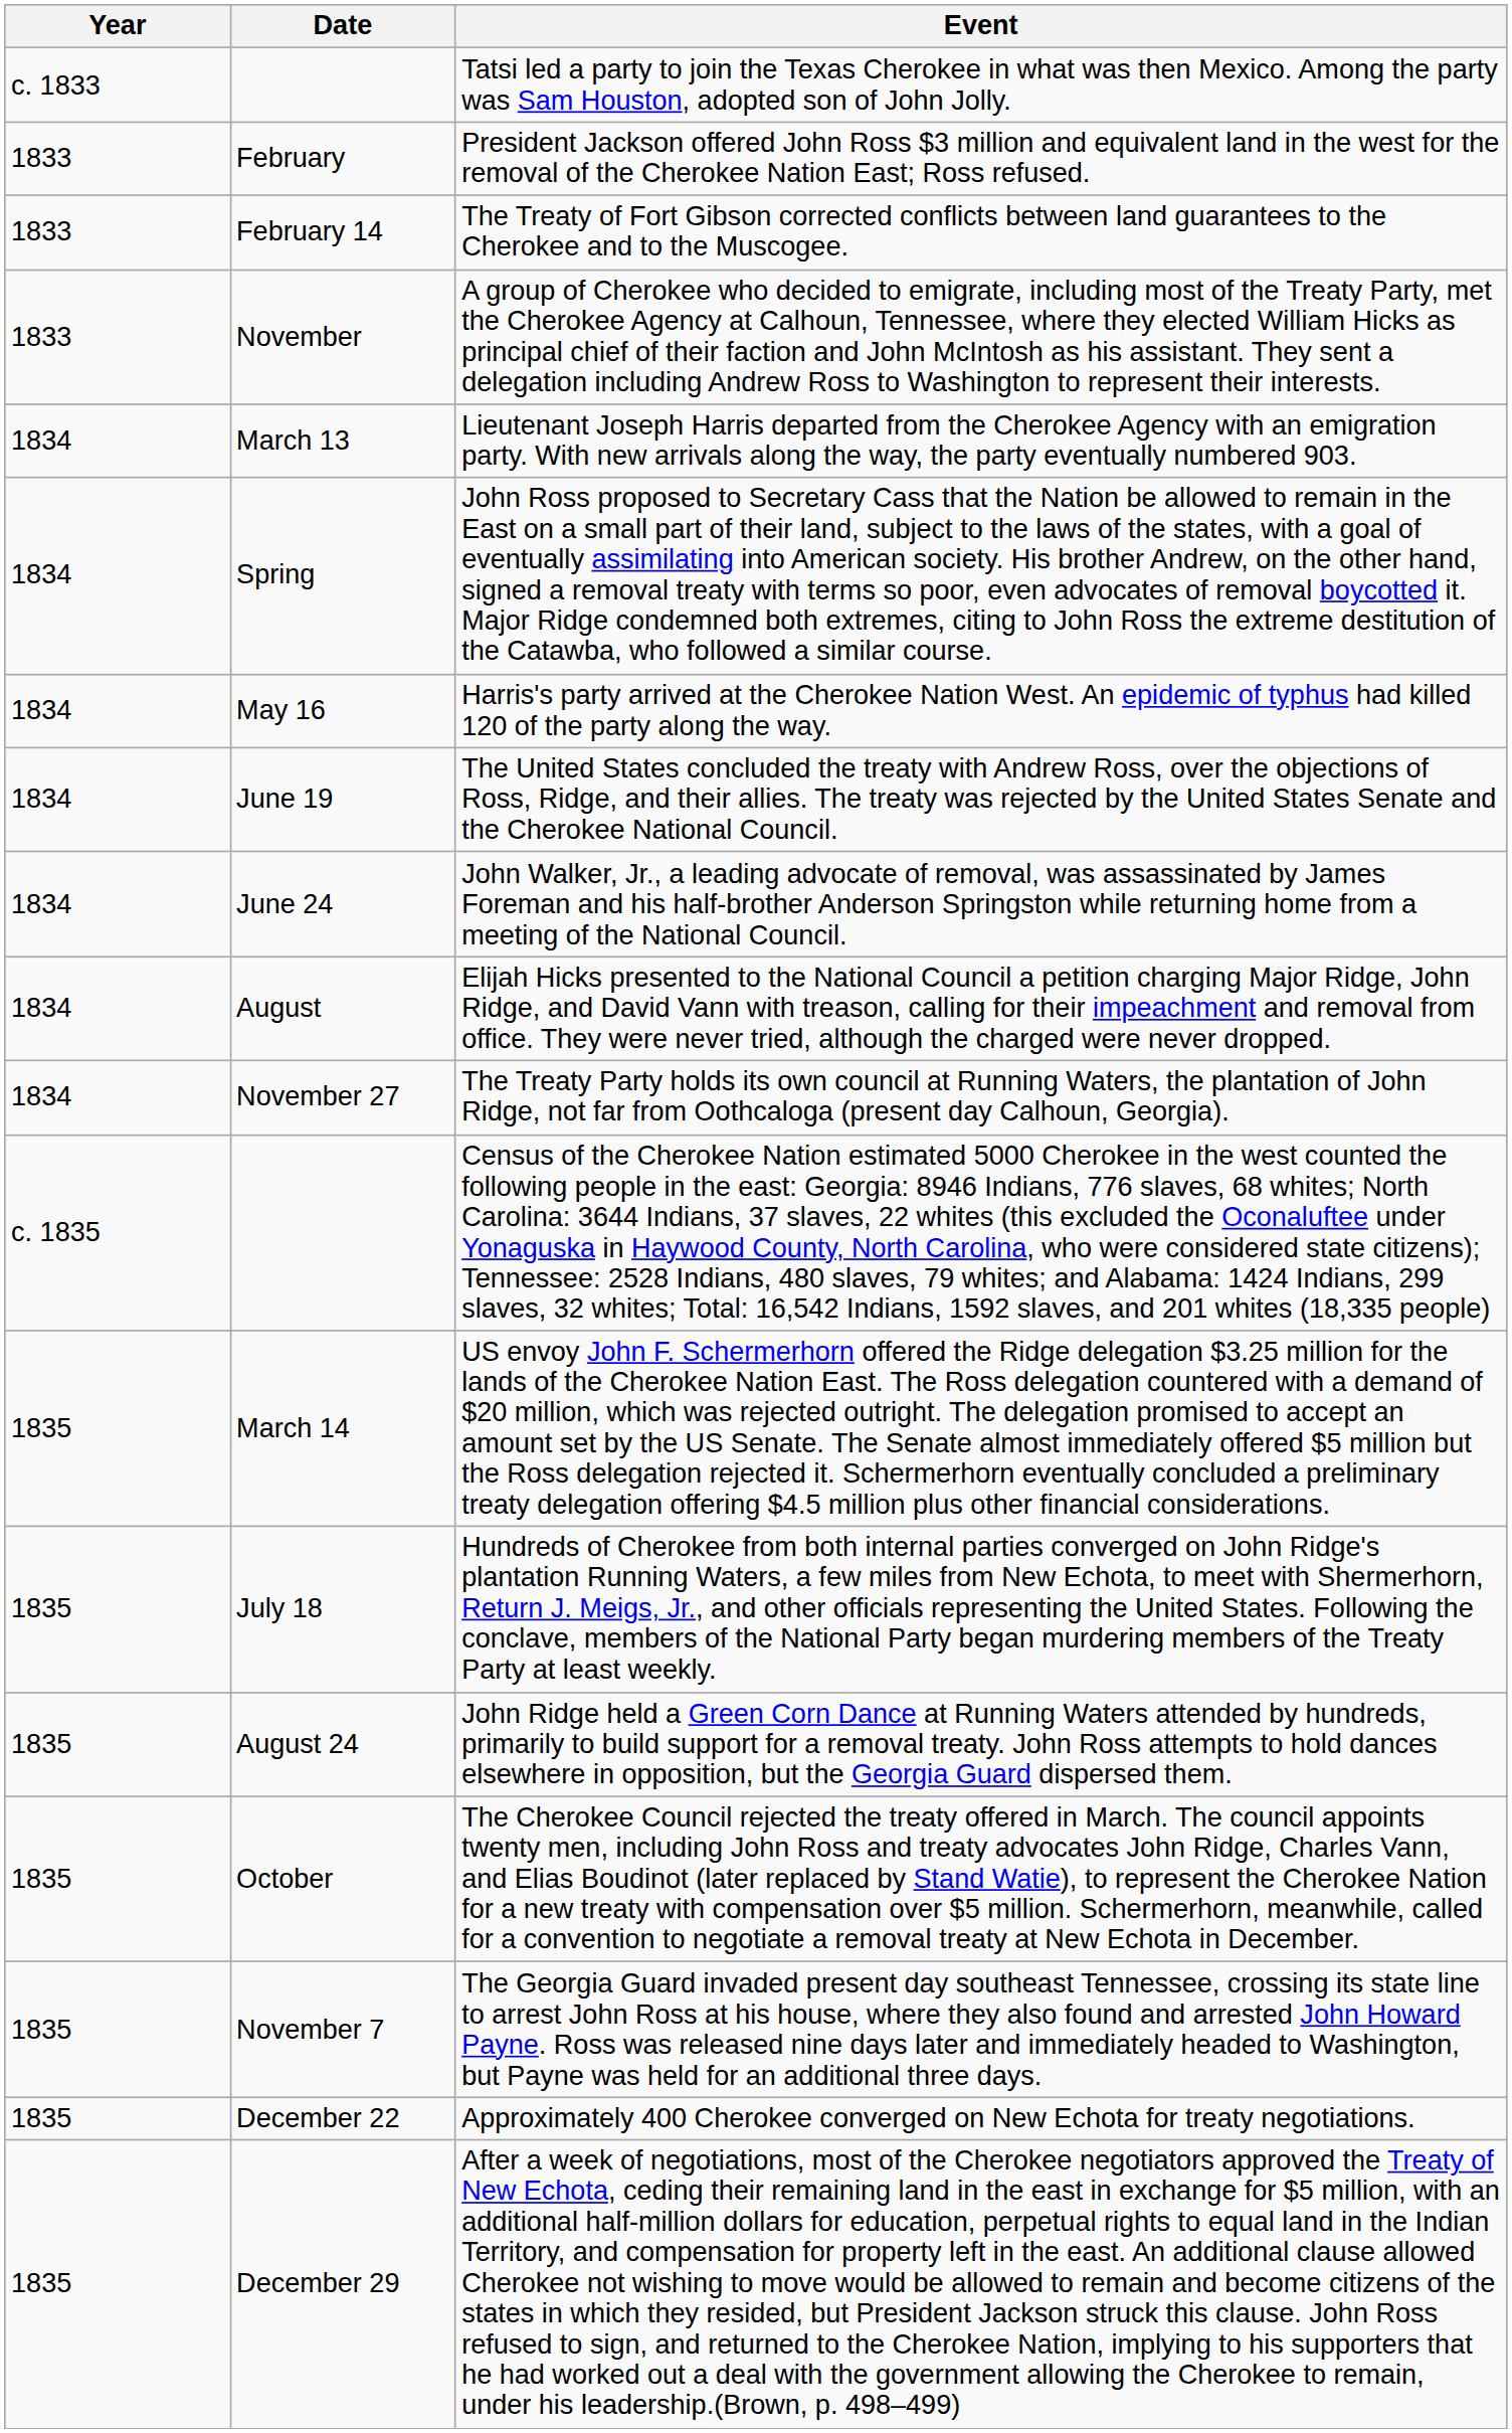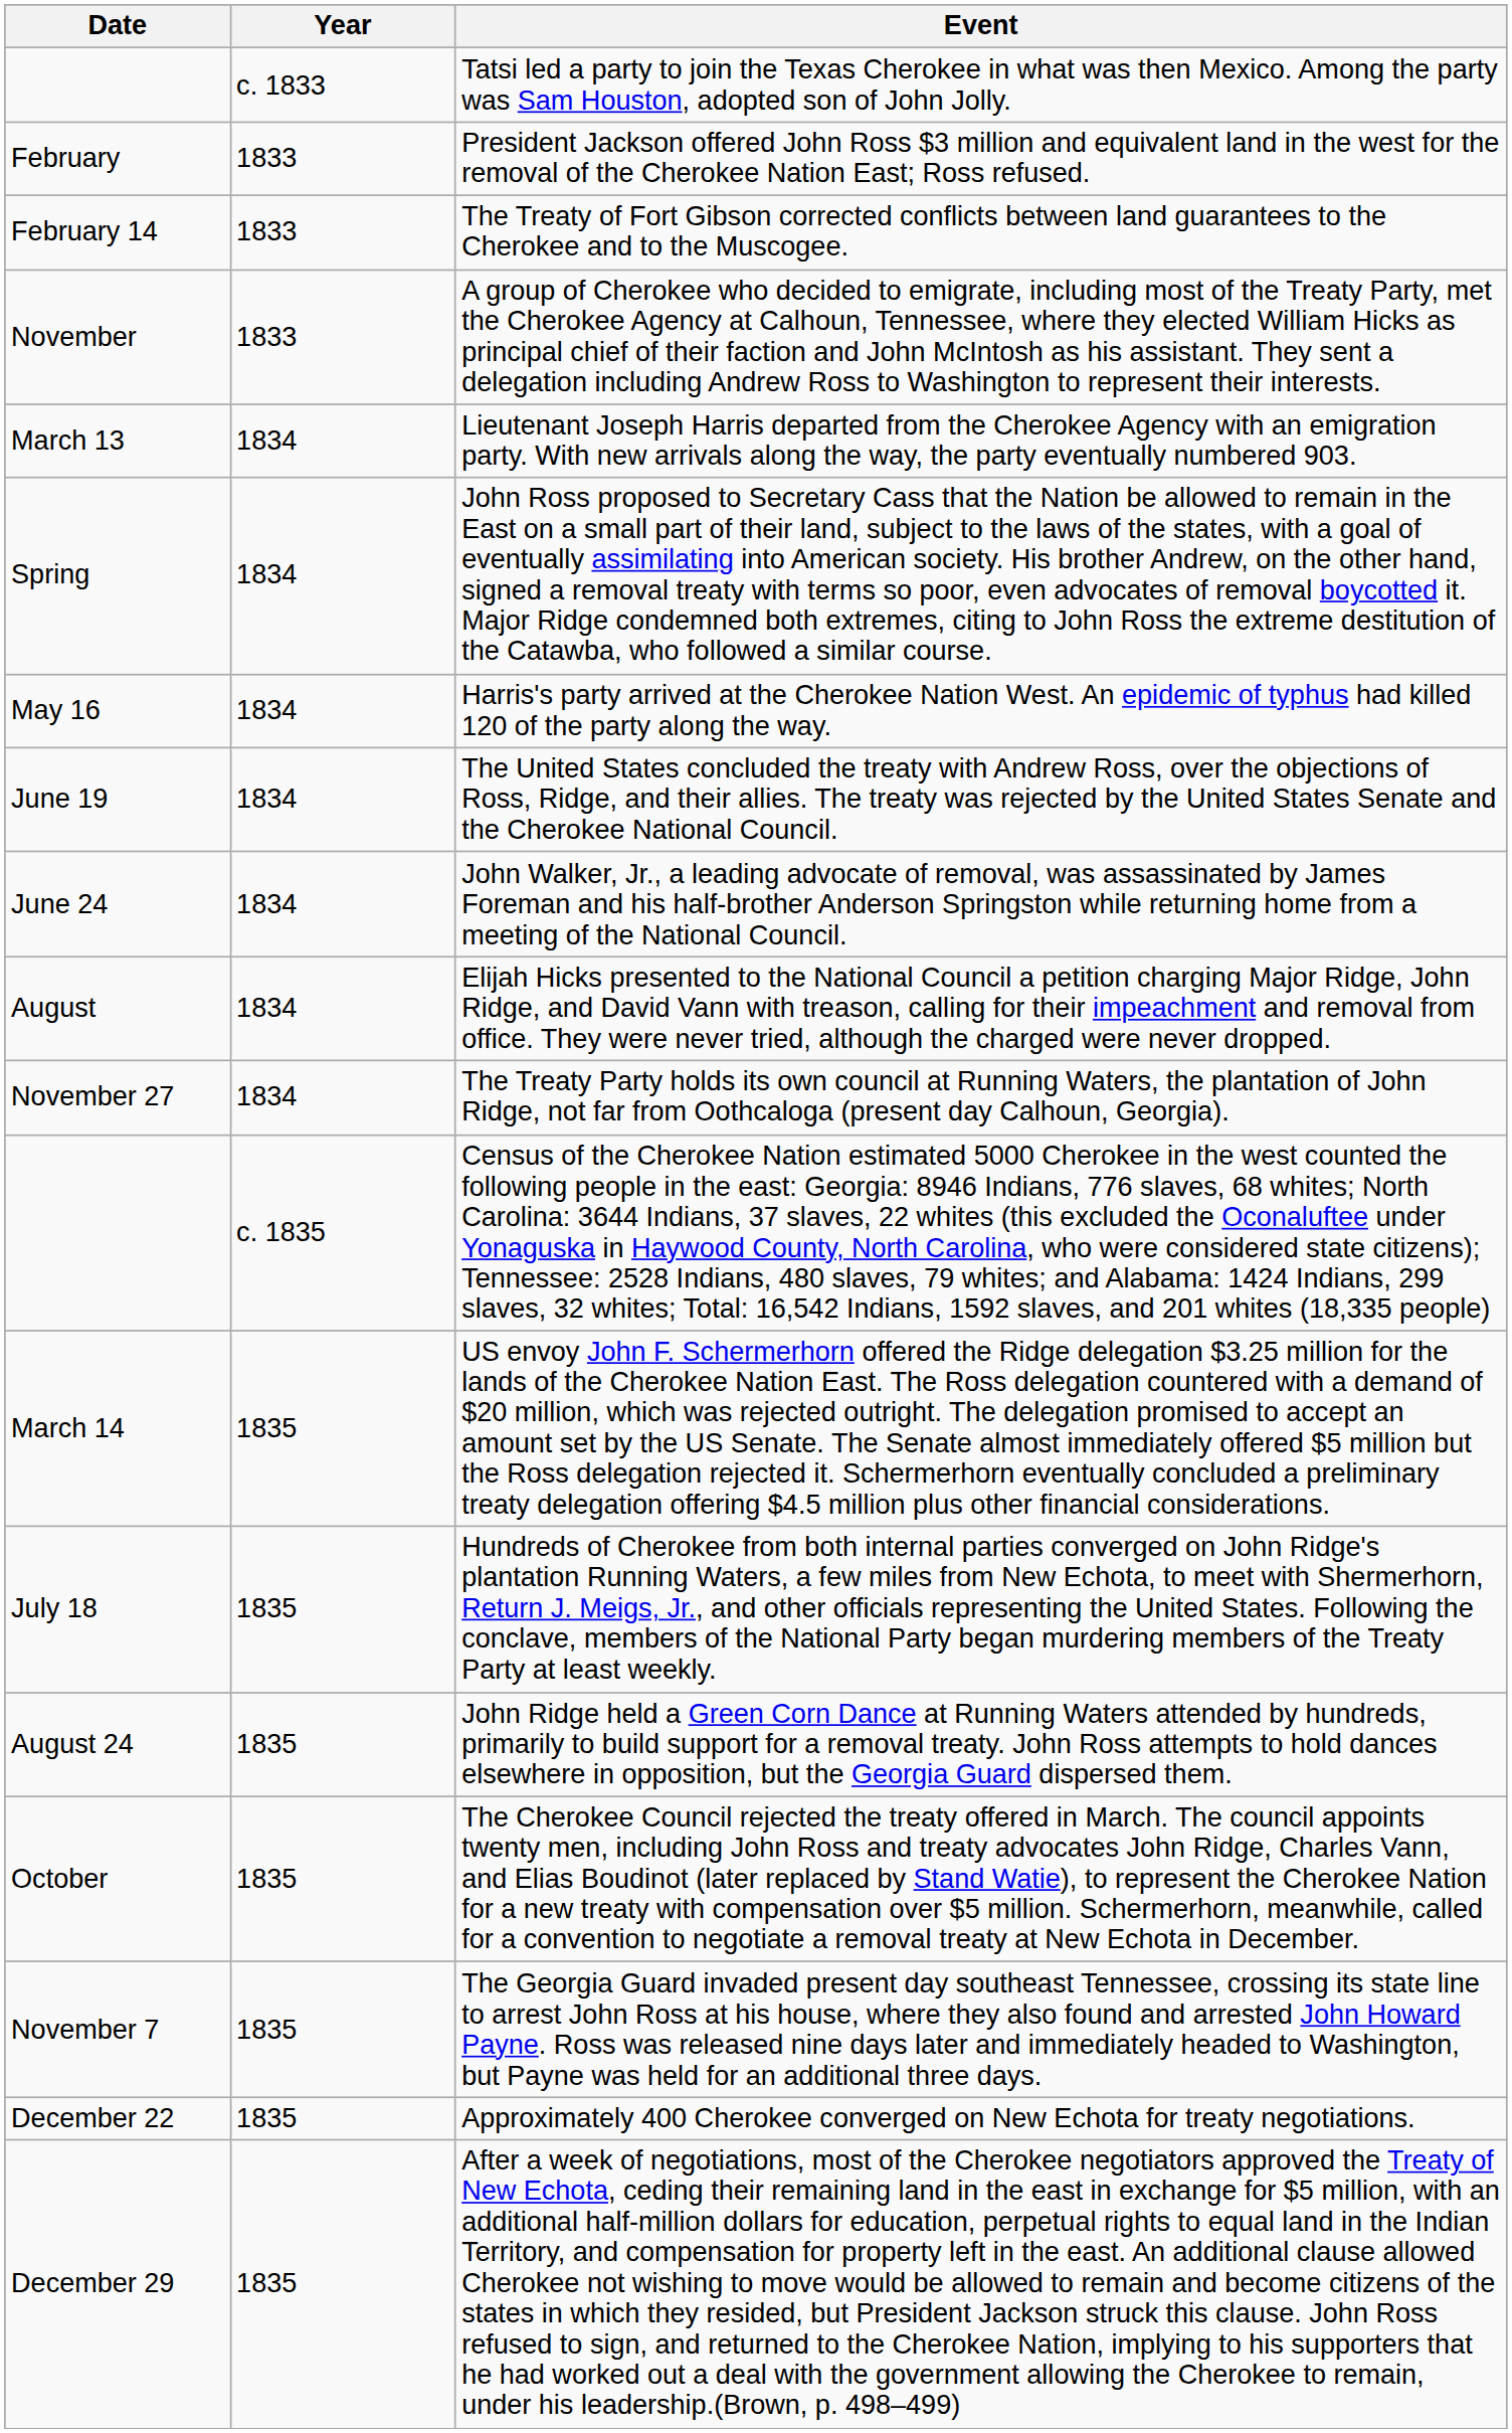 <table class="wikitable" width="70%">
 <tr>
+<th style="width:15%">Date</th>
 <th style="width:15%">Year</th>
-<th style="width:15%">Date</th>
 <th>Event</th>
 </tr>
 <tr>
+<td></td>
 <td>c. 1833</td>
-<td></td>
 <td>Tatsi led a party to join the Texas Cherokee in what was then Mexico. Among the party was <a href='#'>Sam Houston</a>, adopted son of John Jolly.</td>
 </tr>
 <tr>
+<td>February</td>
 <td>1833</td>
-<td>February</td>
 <td>President Jackson offered John Ross $3 million and equivalent land in the west for the removal of the Cherokee Nation East; Ross refused.</td>
 </tr>
 <tr>
+<td>February 14</td>
 <td>1833</td>
-<td>February 14</td>
 <td>The Treaty of Fort Gibson corrected conflicts between land guarantees to the Cherokee and to the Muscogee.</td>
 </tr>
 <tr>
+<td>November</td>
 <td>1833</td>
-<td>November</td>
 <td>A group of Cherokee who decided to emigrate, including most of the Treaty Party, met the Cherokee Agency at Calhoun, Tennessee, where they elected William Hicks as principal chief of their faction and John McIntosh as his assistant. They sent a delegation including Andrew Ross to Washington to represent their interests.</td>
 </tr>
 <tr>
+<td>March 13</td>
 <td>1834</td>
-<td>March 13</td>
 <td>Lieutenant Joseph Harris departed from the Cherokee Agency with an emigration party. With new arrivals along the way, the party eventually numbered 903.</td>
 </tr>
 <tr>
+<td>Spring</td>
 <td>1834</td>
-<td>Spring</td>
 <td>John Ross proposed to Secretary Cass that the Nation be allowed to remain in the East on a small part of their land, subject to the laws of the states, with a goal of eventually <a href='#'>assimilating</a> into American society. His brother Andrew, on the other hand, signed a removal treaty with terms so poor, even advocates of removal <a href='#'>boycotted</a> it. Major Ridge condemned both extremes, citing to John Ross the extreme destitution of the Catawba, who followed a similar course.</td>
 </tr>
 <tr>
+<td>May 16</td>
 <td>1834</td>
-<td>May 16</td>
 <td>Harris's party arrived at the Cherokee Nation West. An <a href='#'>epidemic of typhus</a> had killed 120 of the party along the way.</td>
 </tr>
 <tr>
+<td>June 19</td>
 <td>1834</td>
-<td>June 19</td>
 <td>The United States concluded the treaty with Andrew Ross, over the objections of Ross, Ridge, and their allies. The treaty was rejected by the United States Senate and the Cherokee National Council.</td>
 </tr>
 <tr>
+<td>June 24</td>
 <td>1834</td>
-<td>June 24</td>
 <td>John Walker, Jr., a leading advocate of removal, was assassinated by James Foreman and his half-brother Anderson Springston while returning home from a meeting of the National Council.</td>
 </tr>
 <tr>
+<td>August</td>
 <td>1834</td>
-<td>August</td>
 <td>Elijah Hicks presented to the National Council a petition charging Major Ridge, John Ridge, and David Vann with treason, calling for their <a href='#'>impeachment</a> and removal from office. They were never tried, although the charged were never dropped.</td>
 </tr>
 <tr>
+<td>November 27</td>
 <td>1834</td>
-<td>November 27</td>
 <td>The Treaty Party holds its own council at Running Waters, the plantation of John Ridge, not far from Oothcaloga (present day Calhoun, Georgia).</td>
 </tr>
 <tr>
+<td></td>
 <td>c. 1835</td>
-<td></td>
 <td>Census of the Cherokee Nation estimated 5000 Cherokee in the west counted the following people in the east: Georgia: 8946 Indians, 776 slaves, 68 whites; North Carolina: 3644 Indians, 37 slaves, 22 whites (this excluded the <a href='#'>Oconaluftee</a> under <a href='#'>Yonaguska</a> in <a href='#'>Haywood County, North Carolina</a>, who were considered state citizens); Tennessee: 2528 Indians, 480 slaves, 79 whites; and Alabama: 1424 Indians, 299 slaves, 32 whites; Total: 16,542 Indians, 1592 slaves, and 201 whites (18,335 people)</td>
 </tr>
 <tr>
+<td>March 14</td>
 <td>1835</td>
-<td>March 14</td>
 <td>US envoy <a href='#'>John F. Schermerhorn</a> offered the Ridge delegation $3.25 million for the lands of the Cherokee Nation East. The Ross delegation countered with a demand of $20 million, which was rejected outright. The delegation promised to accept an amount set by the US Senate. The Senate almost immediately offered $5 million but the Ross delegation rejected it. Schermerhorn eventually concluded a preliminary treaty delegation offering $4.5 million plus other financial considerations.</td>
 </tr>
 <tr>
+<td>July 18</td>
 <td>1835</td>
-<td>July 18</td>
 <td>Hundreds of Cherokee from both internal parties converged on John Ridge's plantation Running Waters, a few miles from New Echota, to meet with Shermerhorn, <a href='#'>Return J. Meigs, Jr.</a>, and other officials representing the United States. Following the conclave, members of the National Party began murdering members of the Treaty Party at least weekly.</td>
 </tr>
 <tr>
+<td>August 24</td>
 <td>1835</td>
-<td>August 24</td>
 <td>John Ridge held a <a href='#'>Green Corn Dance</a> at Running Waters attended by hundreds, primarily to build support for a removal treaty. John Ross attempts to hold dances elsewhere in opposition, but the <a href='#'>Georgia Guard</a> dispersed them.</td>
 </tr>
 <tr>
+<td>October</td>
 <td>1835</td>
-<td>October</td>
 <td>The Cherokee Council rejected the treaty offered in March. The council appoints twenty men, including John Ross and treaty advocates John Ridge, Charles Vann, and Elias Boudinot (later replaced by <a href='#'>Stand Watie</a>), to represent the Cherokee Nation for a new treaty with compensation over $5 million. Schermerhorn, meanwhile, called for a convention to negotiate a removal treaty at New Echota in December.</td>
 </tr>
 <tr>
+<td>November 7</td>
 <td>1835</td>
-<td>November 7</td>
 <td>The Georgia Guard invaded present day southeast Tennessee, crossing its state line to arrest John Ross at his house, where they also found and arrested <a href='#'>John Howard Payne</a>. Ross was released nine days later and immediately headed to Washington, but Payne was held for an additional three days.</td>
 </tr>
 <tr>
+<td>December 22</td>
 <td>1835</td>
-<td>December 22</td>
 <td>Approximately 400 Cherokee converged on New Echota for treaty negotiations.</td>
 </tr>
 <tr>
+<td>December 29</td>
 <td>1835</td>
-<td>December 29</td>
 <td>After a week of negotiations, most of the Cherokee negotiators approved the <a href='#'>Treaty of New Echota</a>, ceding their remaining land in the east in exchange for $5 million, with an additional half-million dollars for education, perpetual rights to equal land in the Indian Territory, and compensation for property left in the east. An additional clause allowed Cherokee not wishing to move would be allowed to remain and become citizens of the states in which they resided, but President Jackson struck this clause. John Ross refused to sign, and returned to the Cherokee Nation, implying to his supporters that he had worked out a deal with the government allowing the Cherokee to remain, under his leadership.(Brown, p. 498–499)</td>
 </tr>
 </table>
